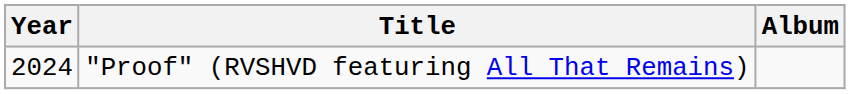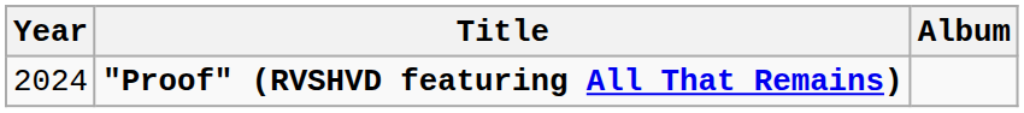 <table class="wikitable">
 <tr>
 <th scope="col">Year</th>
 <th scope="col">Title</th>
 <th scope="col">Album</th>
 </tr>
 <tr>
 <td>2024</td>
-<td>"Proof" (RVSHVD featuring <a href='#'>All That Remains</a>)</td>
+<td><strong>"Proof" (RVSHVD featuring <a href='#'>All That Remains</a>)</strong></td>
 <td></td>
 </tr>
 </table>
